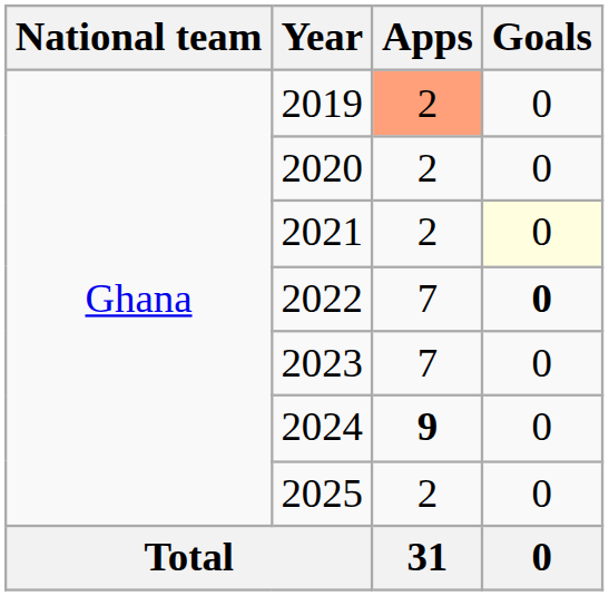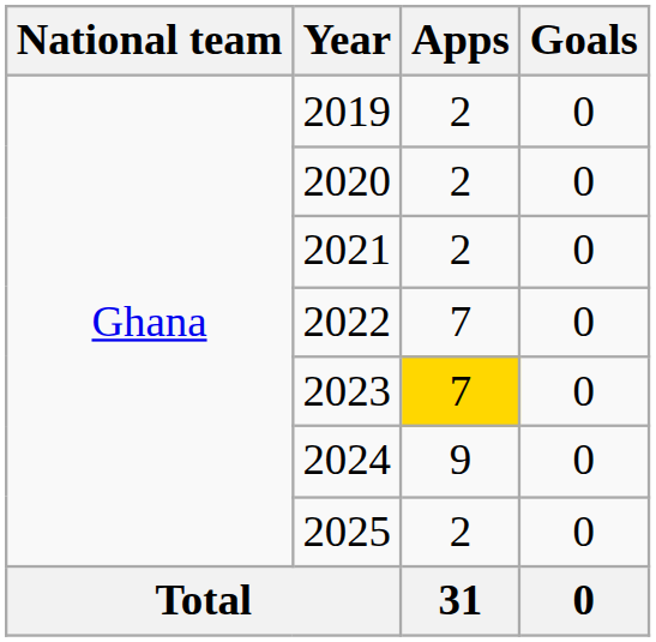 <table class="wikitable" style="text-align: center;">
 <tr>
 <th>National team</th>
 <th>Year</th>
 <th>Apps</th>
 <th>Goals</th>
 </tr>
 <tr>
 <td rowspan="7"><a href='#'>Ghana</a></td>
 <td>2019</td>
-<td style="background: lightsalmon;">2</td>
+<td>2</td>
 <td>0</td>
 </tr>
 <tr>
 <td>2020</td>
 <td>2</td>
 <td>0</td>
 </tr>
 <tr>
 <td>2021</td>
 <td>2</td>
-<td style="background: lightyellow;">0</td>
+<td>0</td>
 </tr>
 <tr>
 <td>2022</td>
 <td>7</td>
-<td><strong>0</strong></td>
+<td>0</td>
 </tr>
 <tr>
 <td>2023</td>
-<td>7</td>
+<td style="background: gold;">7</td>
 <td>0</td>
 </tr>
 <tr>
 <td>2024</td>
-<td><strong>9</strong></td>
+<td>9</td>
 <td>0</td>
 </tr>
 <tr>
 <td>2025</td>
 <td>2</td>
 <td>0</td>
 </tr>
 <tr>
 <th colspan="2">Total</th>
 <th>31</th>
 <th>0</th>
 </tr>
 </table>
